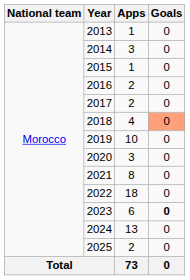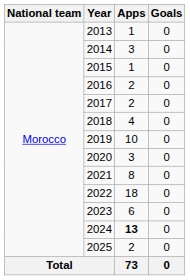 <table class="wikitable" style="text-align:center">
 <tr>
 <th>National team</th>
 <th>Year</th>
 <th>Apps</th>
 <th>Goals</th>
 </tr>
 <tr>
 <td rowspan="13"><a href='#'>Morocco</a></td>
 <td>2013</td>
 <td>1</td>
 <td>0</td>
 </tr>
 <tr>
 <td>2014</td>
 <td>3</td>
 <td>0</td>
 </tr>
 <tr>
 <td>2015</td>
 <td>1</td>
 <td>0</td>
 </tr>
 <tr>
 <td>2016</td>
 <td>2</td>
 <td>0</td>
 </tr>
 <tr>
 <td>2017</td>
 <td>2</td>
 <td>0</td>
 </tr>
 <tr>
 <td>2018</td>
 <td>4</td>
-<td style="background: lightsalmon;">0</td>
+<td>0</td>
 </tr>
 <tr>
 <td>2019</td>
 <td>10</td>
 <td>0</td>
 </tr>
 <tr>
 <td>2020</td>
 <td>3</td>
 <td>0</td>
 </tr>
 <tr>
 <td>2021</td>
 <td>8</td>
 <td>0</td>
 </tr>
 <tr>
 <td>2022</td>
 <td>18</td>
 <td>0</td>
 </tr>
 <tr>
 <td>2023</td>
 <td>6</td>
-<td><strong>0</strong></td>
+<td>0</td>
 </tr>
 <tr>
 <td>2024</td>
-<td>13</td>
+<td><strong>13</strong></td>
 <td>0</td>
 </tr>
 <tr>
 <td>2025</td>
 <td>2</td>
 <td>0</td>
 </tr>
 <tr>
 <th colspan="2">Total</th>
 <th>73</th>
 <th>0</th>
 </tr>
 </table>
